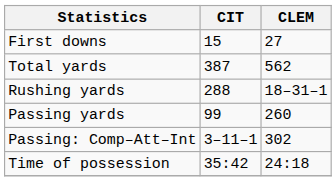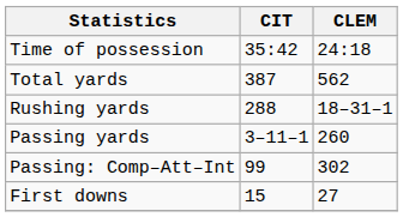 <table class="wikitable" style="float: left;">
 <tr>
 <th>Statistics</th>
 <th>CIT</th>
 <th>CLEM</th>
 </tr>
 <tr>
-<td>First downs</td>
-<td>15</td>
-<td>27</td>
+<td>Time of possession</td>
+<td>35:42</td>
+<td>24:18</td>
 </tr>
 <tr>
 <td>Total yards</td>
 <td>387</td>
 <td>562</td>
 </tr>
 <tr>
 <td>Rushing yards</td>
 <td>288</td>
 <td>18–31–1</td>
 </tr>
 <tr>
 <td>Passing yards</td>
-<td>99</td>
+<td>3–11–1</td>
 <td>260</td>
 </tr>
 <tr>
 <td>Passing: Comp–Att–Int</td>
-<td>3–11–1</td>
+<td>99</td>
 <td>302</td>
 </tr>
 <tr>
-<td>Time of possession</td>
-<td>35:42</td>
-<td>24:18</td>
+<td>First downs</td>
+<td>15</td>
+<td>27</td>
 </tr>
 <tr>
 </tr>
 </table>
